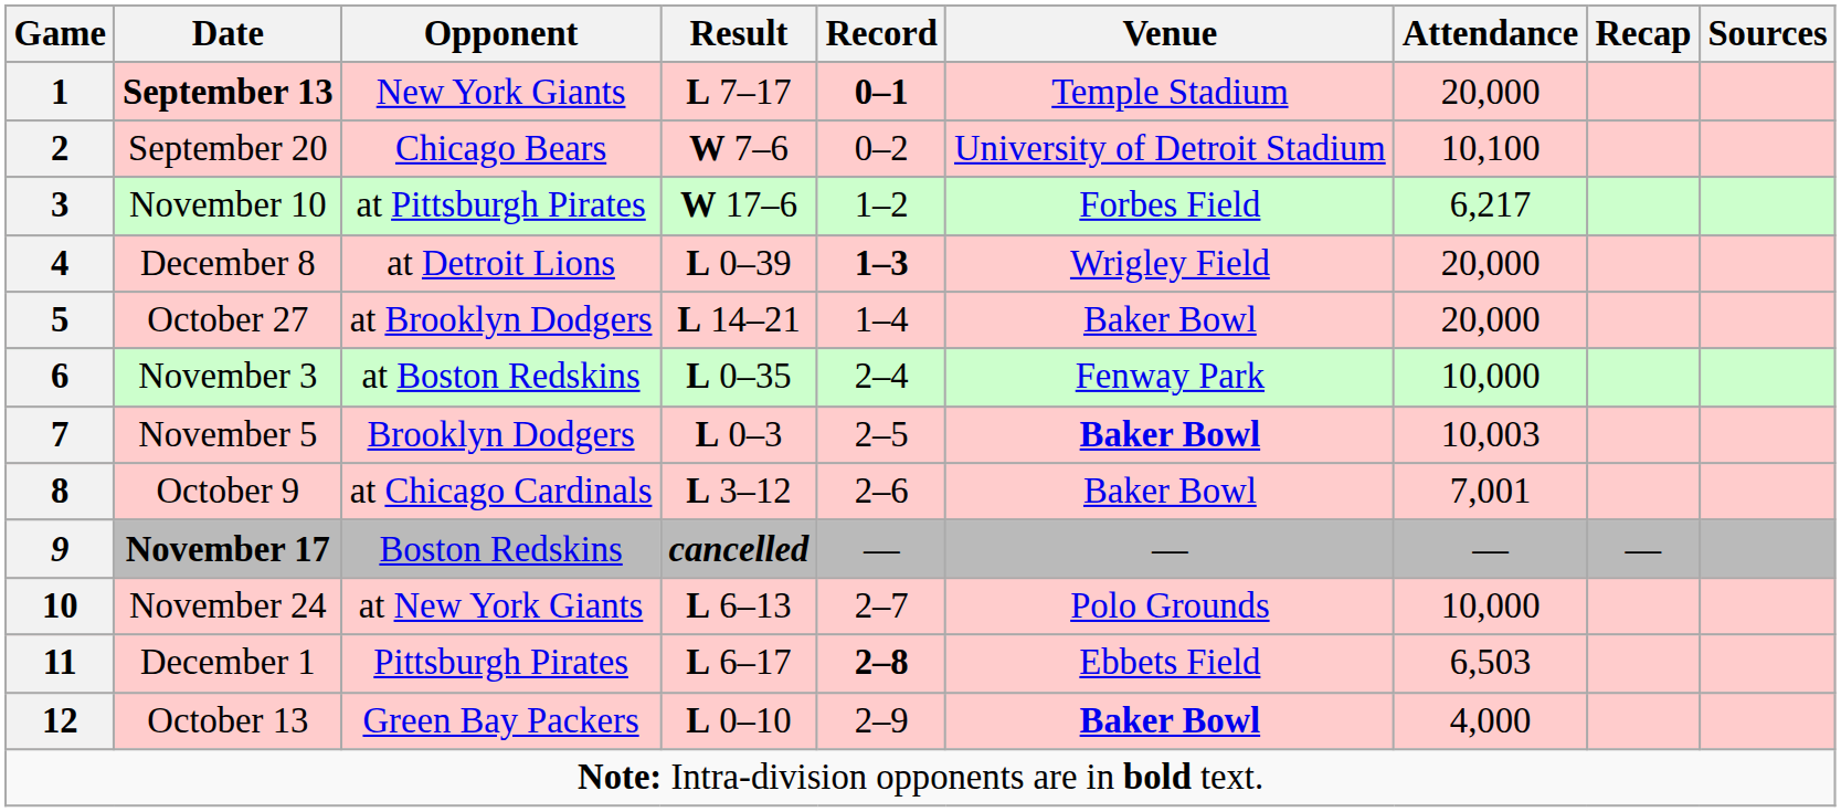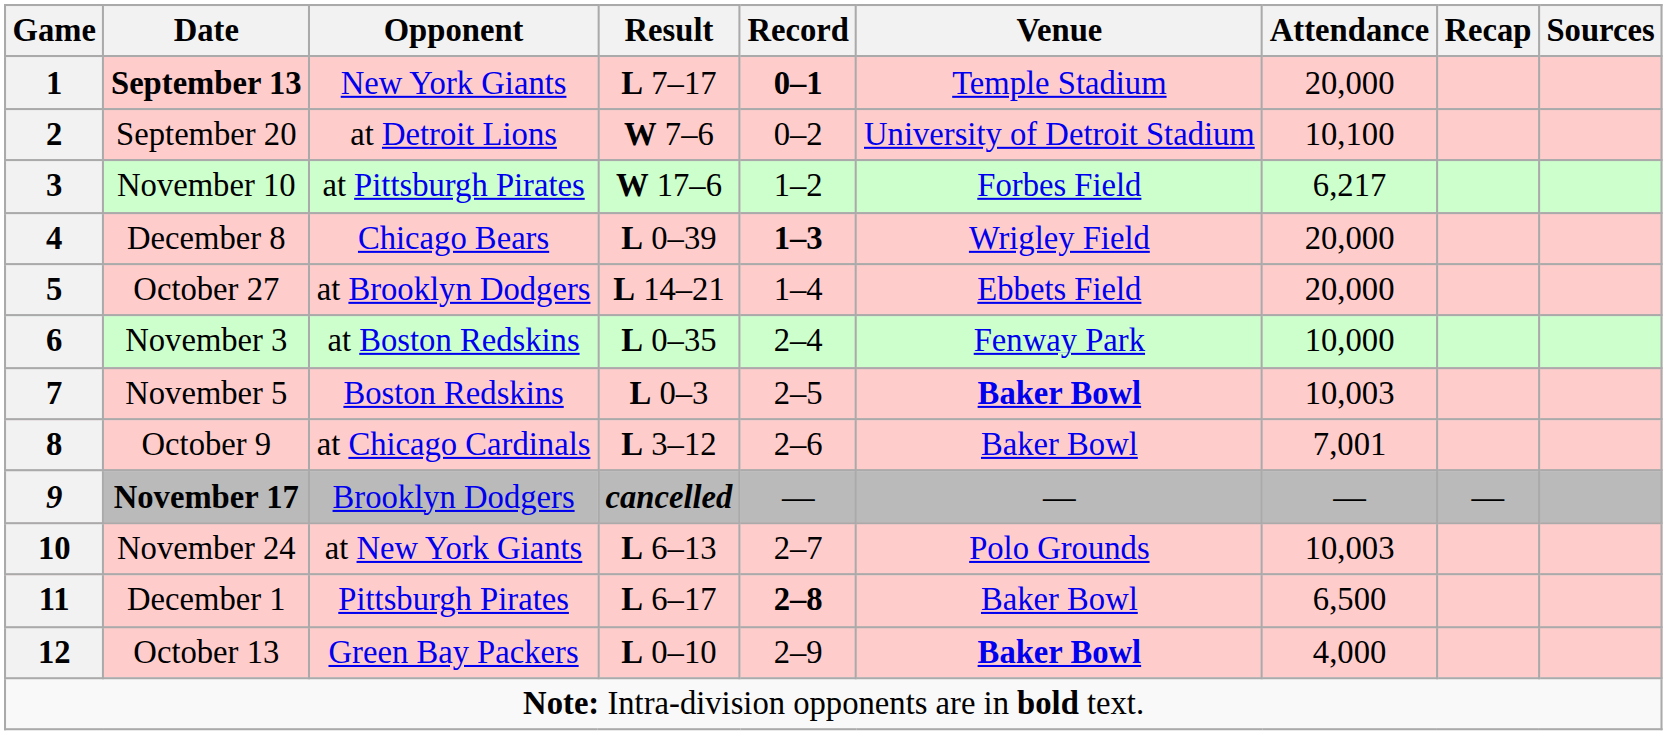 <table class="wikitable" style="text-align:center">
 <tr>
 <th>Game</th>
 <th>Date</th>
 <th>Opponent</th>
 <th>Result</th>
 <th>Record</th>
 <th>Venue</th>
 <th>Attendance</th>
 <th>Recap</th>
 <th>Sources</th>
 </tr>
 <tr style="background:#fcc">
 <th>1</th>
 <td><strong>September 13</strong></td>
 <td><a href='#'>New York Giants</a></td>
 <td><strong>L</strong> 7–17</td>
 <td><strong>0–1</strong></td>
 <td><a href='#'>Temple Stadium</a></td>
 <td>20,000</td>
 <td></td>
 <td></td>
 </tr>
 <tr style="background:#fcc">
 <th>2</th>
 <td>September 20</td>
-<td><a href='#'>Chicago Bears</a></td>
+<td>at <a href='#'>Detroit Lions</a></td>
 <td><strong>W</strong> 7–6</td>
 <td>0–2</td>
 <td><a href='#'>University of Detroit Stadium</a></td>
 <td>10,100</td>
 <td></td>
 <td></td>
 </tr>
 <tr style="background:#cfc">
 <th>3</th>
 <td>November 10</td>
 <td>at <a href='#'>Pittsburgh Pirates</a></td>
 <td><strong>W</strong> 17–6</td>
 <td>1–2</td>
 <td><a href='#'>Forbes Field</a></td>
 <td>6,217</td>
 <td></td>
 <td></td>
 </tr>
 <tr style="background:#fcc">
 <th>4</th>
 <td>December 8</td>
-<td>at <a href='#'>Detroit Lions</a></td>
+<td><a href='#'>Chicago Bears</a></td>
 <td><strong>L</strong> 0–39</td>
 <td><strong>1–3</strong></td>
 <td><a href='#'>Wrigley Field</a></td>
 <td>20,000</td>
 <td></td>
 <td></td>
 </tr>
 <tr style="background:#fcc">
 <th>5</th>
 <td>October 27</td>
 <td>at <a href='#'>Brooklyn Dodgers</a></td>
 <td><strong>L</strong> 14–21</td>
 <td>1–4</td>
-<td><a href='#'>Baker Bowl</a></td>
+<td><a href='#'>Ebbets Field</a></td>
 <td>20,000</td>
 <td></td>
 <td></td>
 </tr>
 <tr style="background:#cfc">
 <th>6</th>
 <td>November 3</td>
 <td>at <a href='#'>Boston Redskins</a></td>
 <td><strong>L</strong> 0–35</td>
 <td>2–4</td>
 <td><a href='#'>Fenway Park</a></td>
 <td>10,000</td>
 <td></td>
 <td></td>
 </tr>
 <tr style="background:#fcc">
 <th>7</th>
 <td>November 5</td>
-<td><a href='#'>Brooklyn Dodgers</a></td>
+<td><a href='#'>Boston Redskins</a></td>
 <td><strong>L</strong> 0–3</td>
 <td>2–5</td>
 <td><strong><a href='#'>Baker Bowl</a></strong></td>
 <td>10,003</td>
 <td></td>
 <td></td>
 </tr>
 <tr style="background:#fcc">
 <th>8</th>
 <td>October 9</td>
 <td>at <a href='#'>Chicago Cardinals</a></td>
 <td><strong>L</strong> 3–12</td>
 <td>2–6</td>
 <td><a href='#'>Baker Bowl</a></td>
 <td>7,001</td>
 <td></td>
 <td></td>
 </tr>
 <tr style="background:#bababa">
 <th><em>9</em></th>
 <td><strong>November 17</strong></td>
-<td><a href='#'>Boston Redskins</a></td>
+<td><a href='#'>Brooklyn Dodgers</a></td>
 <td><strong><em>cancelled</em></strong> </td>
 <td>—</td>
 <td>—</td>
 <td>—</td>
 <td>—</td>
 <td></td>
 </tr>
 <tr style="background:#fcc">
 <th>10</th>
 <td>November 24</td>
 <td>at <a href='#'>New York Giants</a></td>
 <td><strong>L</strong> 6–13</td>
 <td>2–7</td>
 <td><a href='#'>Polo Grounds</a></td>
-<td>10,000</td>
+<td>10,003</td>
 <td></td>
 <td></td>
 </tr>
 <tr style="background:#fcc">
 <th>11</th>
 <td>December 1</td>
 <td><a href='#'>Pittsburgh Pirates</a></td>
 <td><strong>L</strong> 6–17</td>
 <td><strong>2–8</strong></td>
-<td><a href='#'>Ebbets Field</a></td>
-<td>6,503</td>
+<td><a href='#'>Baker Bowl</a></td>
+<td>6,500</td>
 <td></td>
 <td></td>
 </tr>
 <tr style="background:#fcc">
 <th>12</th>
 <td>October 13</td>
 <td><a href='#'>Green Bay Packers</a></td>
 <td><strong>L</strong> 0–10</td>
 <td>2–9</td>
 <td><strong><a href='#'>Baker Bowl</a></strong></td>
 <td>4,000</td>
 <td></td>
 <td></td>
 </tr>
 <tr>
 <td colspan="10"><strong>Note:</strong> Intra-division opponents are in <strong>bold</strong> text.</td>
 </tr>
 </table>
